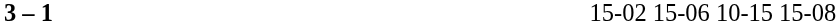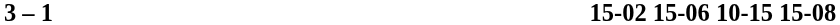 <table width=100% cellspacing=1>
 <tr>
 <th width=20%></th>
 <th width=12%></th>
 <th width=20%></th>
 <th width=33%></th>
 <td></td>
 </tr>
 <tr style=font-size:90%>
 <td align=right></td>
 <td align=center><strong>3 – 1</strong></td>
 <td></td>
-<td>15-02 15-06 10-15 15-08</td>
+<td><strong>15-02 15-06 10-15 15-08</strong></td>
 </tr>
 </table>
